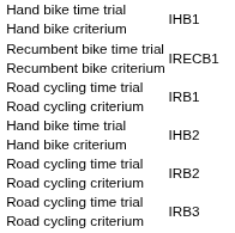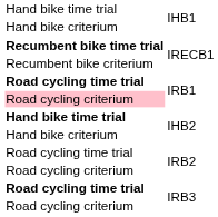 <table>
 <tr>
 <td>Hand bike time trial</td>
 <td rowspan=2>IHB1</td>
 <td></td>
 <td></td>
 <td></td>
 </tr>
 <tr>
 <td>Hand bike criterium</td>
 <td></td>
 <td></td>
 <td></td>
 </tr>
 <tr>
-<td>Recumbent bike time trial</td>
+<td><strong>Recumbent bike time trial</strong></td>
 <td rowspan=2>IRECB1</td>
 <td></td>
 <td></td>
 <td></td>
 </tr>
 <tr>
 <td>Recumbent bike criterium</td>
 <td></td>
 <td></td>
 <td></td>
 </tr>
 <tr>
-<td>Road cycling time trial</td>
+<td><strong>Road cycling time trial</strong></td>
 <td rowspan=2>IRB1</td>
 <td></td>
 <td></td>
 <td></td>
 </tr>
 <tr>
-<td>Road cycling criterium</td>
+<td style="background: pink;">Road cycling criterium</td>
 <td></td>
 <td></td>
 <td></td>
 </tr>
 <tr>
-<td>Hand bike time trial</td>
+<td><strong>Hand bike time trial</strong></td>
 <td rowspan=2>IHB2</td>
 <td></td>
 <td></td>
 <td></td>
 </tr>
 <tr>
 <td>Hand bike criterium</td>
 <td></td>
 <td></td>
 <td nowrap></td>
 </tr>
 <tr>
 <td>Road cycling time trial</td>
 <td rowspan=2>IRB2</td>
 <td></td>
 <td nowrap></td>
 <td nowrap></td>
 </tr>
 <tr>
 <td>Road cycling criterium</td>
 <td></td>
 <td></td>
 <td></td>
 </tr>
 <tr>
-<td>Road cycling time trial</td>
+<td><strong>Road cycling time trial</strong></td>
 <td rowspan=2>IRB3</td>
 <td></td>
 <td></td>
 <td></td>
 </tr>
 <tr>
 <td>Road cycling criterium</td>
 <td nowrap></td>
 <td></td>
 <td></td>
 </tr>
 </table>
